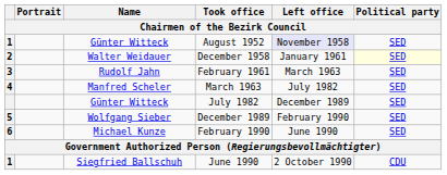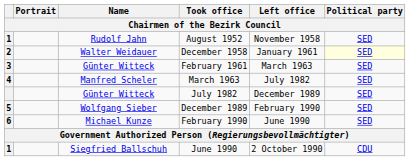 <table class="wikitable" style="text-align:center">
 <tr>
 <th></th>
 <th>Portrait</th>
 <th width=180>Name<br></th>
 <th>Took office</th>
 <th>Left office</th>
 <th>Political party</th>
 </tr>
 <tr>
 <th colspan=6>Chairmen of the Bezirk Council</th>
 </tr>
 <tr>
 <th style="background:">1</th>
 <td></td>
-<td><a href='#'>Günter Witteck</a><br></td>
+<td><a href='#'>Rudolf Jahn</a><br></td>
 <td>August 1952</td>
-<td style="background: lavender;">November 1958</td>
+<td>November 1958</td>
 <td><a href='#'>SED</a></td>
 </tr>
 <tr>
 <th style="background:">2</th>
 <td></td>
 <td><a href='#'>Walter Weidauer</a><br></td>
 <td>December 1958</td>
 <td>January 1961</td>
 <td style="background: lightyellow;"><a href='#'>SED</a></td>
 </tr>
 <tr>
 <th style="background:">3</th>
 <td></td>
-<td><a href='#'>Rudolf Jahn</a><br></td>
+<td><a href='#'>Günter Witteck</a><br></td>
 <td>February 1961</td>
 <td>March 1963</td>
 <td><a href='#'>SED</a></td>
 </tr>
 <tr>
 <th style="background:">4</th>
 <td></td>
 <td><a href='#'>Manfred Scheler</a><br></td>
 <td>March 1963</td>
 <td>July 1982</td>
 <td><a href='#'>SED</a></td>
 </tr>
 <tr>
 <th style="background:"></th>
 <td></td>
 <td><a href='#'>Günter Witteck</a><br></td>
 <td>July 1982</td>
 <td>December 1989</td>
 <td><a href='#'>SED</a></td>
 </tr>
 <tr>
 <th style="background:">5</th>
 <td></td>
 <td><a href='#'>Wolfgang Sieber</a><br></td>
 <td>December 1989</td>
 <td>February 1990</td>
 <td><a href='#'>SED</a></td>
 </tr>
 <tr>
 <th style="background:">6</th>
 <td></td>
 <td><a href='#'>Michael Kunze</a><br></td>
 <td>February 1990</td>
 <td>June 1990</td>
 <td><a href='#'>SED</a></td>
 </tr>
 <tr>
 <th colspan=6>Government Authorized Person (<em>Regierungsbevollmächtigter</em>)</th>
 </tr>
 <tr>
 <th style="background:">1</th>
 <td></td>
 <td><a href='#'>Siegfried Ballschuh</a></td>
 <td>June 1990</td>
 <td>2 October 1990</td>
 <td><a href='#'>CDU</a></td>
 </tr>
 </table>
